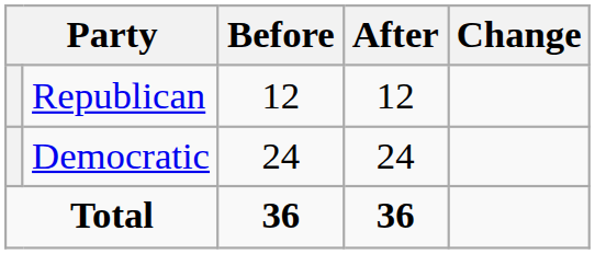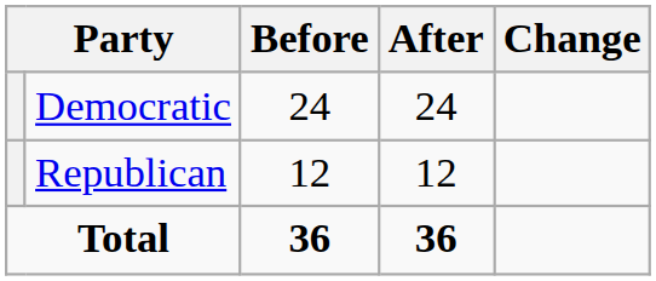 <table class="wikitable" style="text-align:center;">
 <tr>
 <th colspan="2">Party</th>
 <th>Before</th>
 <th>After</th>
 <th>Change</th>
 </tr>
 <tr>
 <th style="background-color:"></th>
-<td style="text-align:left;"><a href='#'>Republican</a></td>
-<td>12</td>
-<td>12</td>
+<td style="text-align:left;"><a href='#'>Democratic</a></td>
+<td>24</td>
+<td>24</td>
 <td></td>
 </tr>
 <tr>
 <th style="background-color:"></th>
-<td style="text-align:left;"><a href='#'>Democratic</a></td>
-<td>24</td>
-<td>24</td>
+<td style="text-align:left;"><a href='#'>Republican</a></td>
+<td>12</td>
+<td>12</td>
 <td></td>
 </tr>
 <tr>
 <td colspan="2"><strong>Total</strong></td>
 <td><strong>36</strong></td>
 <td><strong>36</strong></td>
 <td></td>
 </tr>
 </table>
